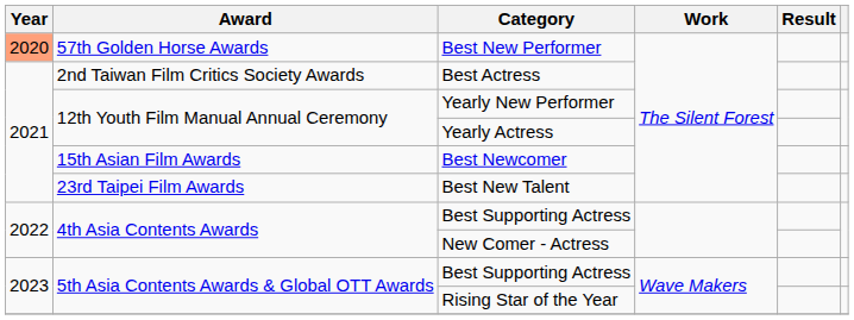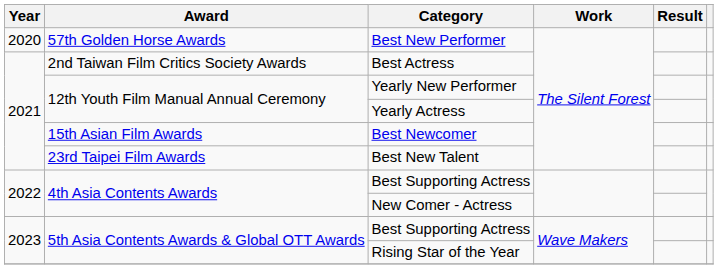 <table class="wikitable plainrowheaders">
 <tr>
 <th>Year</th>
 <th>Award</th>
 <th>Category</th>
 <th>Work</th>
 <th>Result</th>
 <th></th>
 </tr>
 <tr>
-<td style="background: lightsalmon;">2020</td>
+<td>2020</td>
 <td><a href='#'>57th Golden Horse Awards</a></td>
 <td><a href='#'>Best New Performer</a></td>
 <td rowspan="6"><em><a href='#'>The Silent Forest</a></em></td>
 <td></td>
 <td></td>
 </tr>
 <tr>
 <td rowspan="5">2021</td>
 <td>2nd Taiwan Film Critics Society Awards</td>
 <td>Best Actress</td>
 <td></td>
 <td></td>
 </tr>
 <tr>
 <td rowspan="2">12th Youth Film Manual Annual Ceremony</td>
 <td>Yearly New Performer</td>
 <td></td>
 <td rowspan="2"></td>
 </tr>
 <tr>
 <td>Yearly Actress</td>
 <td></td>
 </tr>
 <tr>
 <td><a href='#'>15th Asian Film Awards</a></td>
 <td><a href='#'>Best Newcomer</a></td>
 <td></td>
 <td></td>
 </tr>
 <tr>
 <td><a href='#'>23rd Taipei Film Awards</a></td>
 <td>Best New Talent</td>
 <td></td>
 <td></td>
 </tr>
 <tr>
 <td rowspan="2">2022</td>
 <td rowspan="2"><a href='#'>4th Asia Contents Awards</a></td>
 <td>Best Supporting Actress</td>
 <td rowspan="2"><em></em></td>
 <td></td>
 <td rowspan="2"></td>
 </tr>
 <tr>
 <td>New Comer - Actress</td>
 <td></td>
 </tr>
 <tr>
 <td rowspan="2">2023</td>
 <td rowspan="2"><a href='#'>5th Asia Contents Awards & Global OTT Awards</a></td>
 <td>Best Supporting Actress</td>
 <td rowspan="2"><em><a href='#'>Wave Makers</a></em></td>
 <td></td>
 <td></td>
 </tr>
 <tr>
 <td>Rising Star of the Year</td>
 <td></td>
 <td></td>
 </tr>
 <tr>
 </tr>
 </table>
